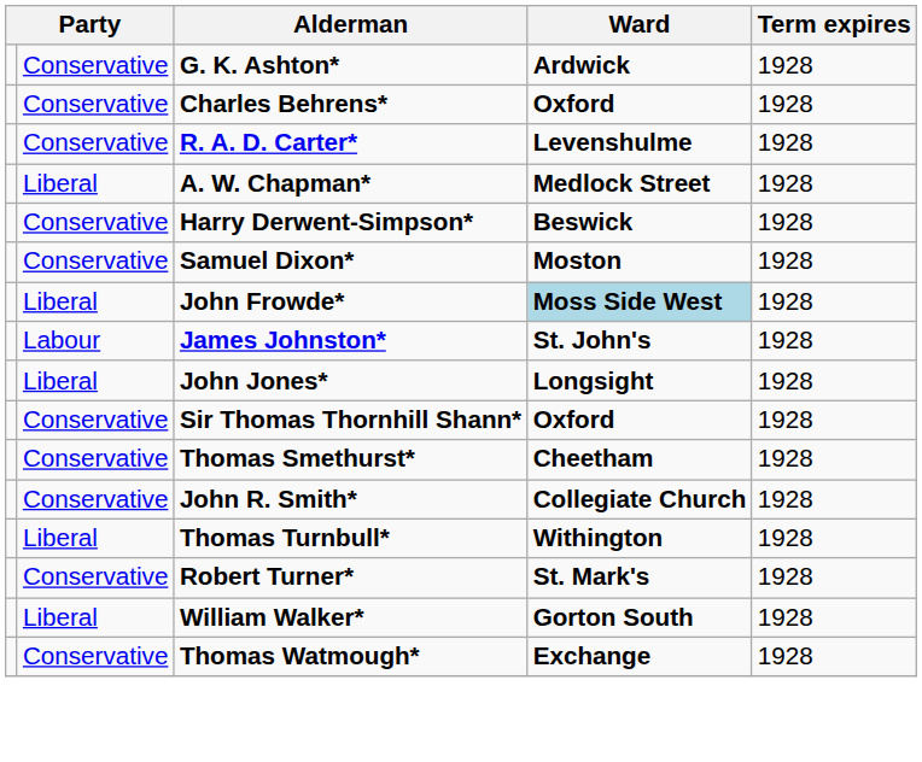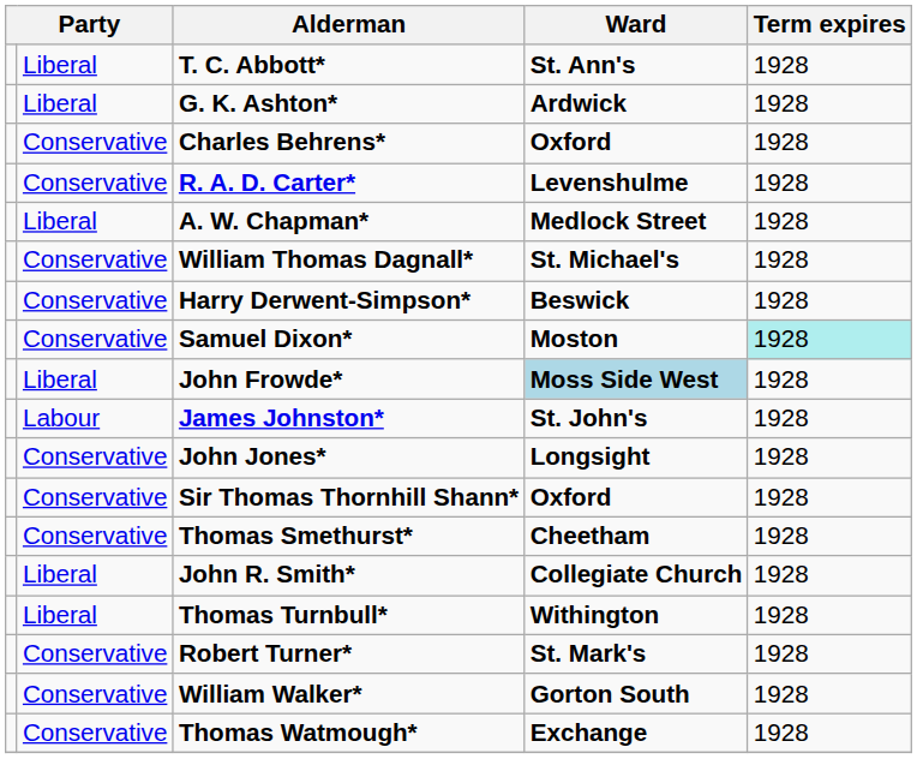 <table class="wikitable">
 <tr>
 <th colspan="2">Party</th>
 <th>Alderman</th>
 <th>Ward</th>
 <th>Term expires</th>
 </tr>
 <tr>
 <td style="background-color:"></td>
-<td><a href='#'>Conservative</a></td>
+<td><a href='#'>Liberal</a></td>
+<td><strong>T. C. Abbott*</strong></td>
+<td><strong>St. Ann's</strong></td>
+<td>1928</td>
+</tr>
+<tr>
+<td style="background-color:"></td>
+<td><a href='#'>Liberal</a></td>
 <td><strong>G. K. Ashton*</strong></td>
 <td><strong>Ardwick</strong></td>
 <td>1928</td>
 </tr>
 <tr>
 <td style="background-color:"></td>
 <td><a href='#'>Conservative</a></td>
 <td><strong>Charles Behrens*</strong></td>
 <td><strong>Oxford</strong></td>
 <td>1928</td>
 </tr>
 <tr>
 <td style="background-color:"></td>
 <td><a href='#'>Conservative</a></td>
 <td><strong><a href='#'>R. A. D. Carter*</a></strong></td>
 <td><strong>Levenshulme</strong></td>
 <td>1928</td>
 </tr>
 <tr>
 <td style="background-color:"></td>
 <td><a href='#'>Liberal</a></td>
 <td><strong>A. W. Chapman*</strong></td>
 <td><strong>Medlock Street</strong></td>
 <td>1928</td>
 </tr>
 <tr>
 <td style="background-color:"></td>
 <td><a href='#'>Conservative</a></td>
+<td><strong>William Thomas Dagnall*</strong></td>
+<td><strong>St. Michael's</strong></td>
+<td>1928</td>
+</tr>
+<tr>
+<td style="background-color:"></td>
+<td><a href='#'>Conservative</a></td>
 <td><strong>Harry Derwent-Simpson*</strong></td>
 <td><strong>Beswick</strong></td>
 <td>1928</td>
 </tr>
 <tr>
 <td style="background-color:"></td>
 <td><a href='#'>Conservative</a></td>
 <td><strong>Samuel Dixon*</strong></td>
 <td><strong>Moston</strong></td>
-<td>1928</td>
+<td style="background: paleturquoise;">1928</td>
 </tr>
 <tr>
 <td style="background-color:"></td>
 <td><a href='#'>Liberal</a></td>
 <td><strong>John Frowde*</strong></td>
 <td style="background: lightblue;"><strong>Moss Side West</strong></td>
 <td>1928</td>
 </tr>
 <tr>
 <td style="background-color:"></td>
 <td><a href='#'>Labour</a></td>
 <td><strong><a href='#'>James Johnston*</a></strong></td>
 <td><strong>St. John's</strong></td>
 <td>1928</td>
 </tr>
 <tr>
 <td style="background-color:"></td>
-<td><a href='#'>Liberal</a></td>
+<td><a href='#'>Conservative</a></td>
 <td><strong>John Jones*</strong></td>
 <td><strong>Longsight</strong></td>
 <td>1928</td>
 </tr>
 <tr>
 <td style="background-color:"></td>
 <td><a href='#'>Conservative</a></td>
 <td><strong>Sir Thomas Thornhill Shann*</strong></td>
 <td><strong>Oxford</strong></td>
 <td>1928</td>
 </tr>
 <tr>
 <td style="background-color:"></td>
 <td><a href='#'>Conservative</a></td>
 <td><strong>Thomas Smethurst*</strong></td>
 <td><strong>Cheetham</strong></td>
 <td>1928</td>
 </tr>
 <tr>
 <td style="background-color:"></td>
-<td><a href='#'>Conservative</a></td>
+<td><a href='#'>Liberal</a></td>
 <td><strong>John R. Smith*</strong></td>
 <td><strong>Collegiate Church</strong></td>
 <td>1928</td>
 </tr>
 <tr>
 <td style="background-color:"></td>
 <td><a href='#'>Liberal</a></td>
 <td><strong>Thomas Turnbull*</strong></td>
 <td><strong>Withington</strong></td>
 <td>1928</td>
 </tr>
 <tr>
 <td style="background-color:"></td>
 <td><a href='#'>Conservative</a></td>
 <td><strong>Robert Turner*</strong></td>
 <td><strong>St. Mark's</strong></td>
 <td>1928</td>
 </tr>
 <tr>
 <td style="background-color:"></td>
-<td><a href='#'>Liberal</a></td>
+<td><a href='#'>Conservative</a></td>
 <td><strong>William Walker*</strong></td>
 <td><strong>Gorton South</strong></td>
 <td>1928</td>
 </tr>
 <tr>
 <td style="background-color:"></td>
 <td><a href='#'>Conservative</a></td>
 <td><strong>Thomas Watmough*</strong></td>
 <td><strong>Exchange</strong></td>
 <td>1928</td>
 </tr>
 <tr>
 </tr>
 </table>
